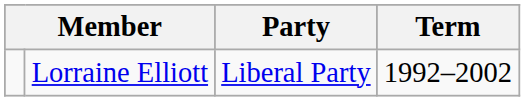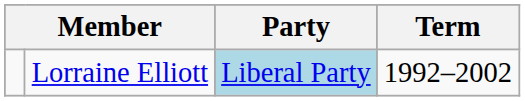 <table class="wikitable">
 <tr>
 <th colspan="2">Member</th>
 <th>Party</th>
 <th>Term</th>
 </tr>
 <tr>
 <td> </td>
 <td><a href='#'>Lorraine Elliott</a></td>
-<td><a href='#'>Liberal Party</a></td>
+<td style="background: lightblue;"><a href='#'>Liberal Party</a></td>
 <td>1992–2002</td>
 </tr>
 </table>
